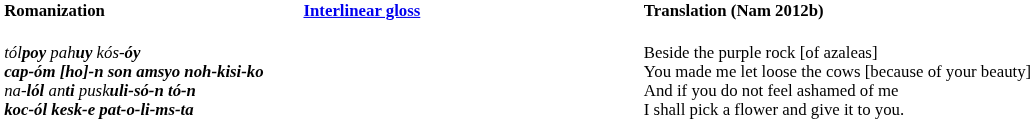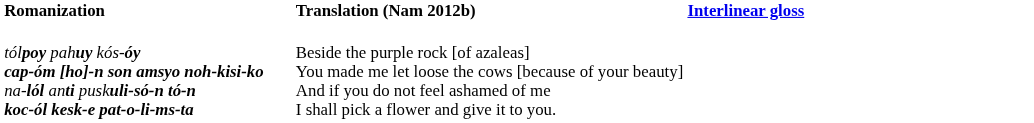 <table>
 <tr>
 <th style="text-align:left;" width="29%"><strong>Romanization</strong></th>
+<th style="text-align:left;" width="39%"><strong>Translation (Nam 2012b)</strong></th>
 <th style="text-align:left;" width="33%"><strong><a href='#'>Interlinear gloss</a></strong></th>
-<th style="text-align:left;" width="39%"><strong>Translation (Nam 2012b)</strong></th>
 </tr>
 <tr valign=top>
 <td><br><em>tól<strong>poy</strong> pah<strong>uy</strong> kós-<strong>óy<strong><em><br></em>cap-</strong>óm<strong> [ho]-</strong>n<strong> son amsyo noh-</strong>kisi-ko</em></strong><br><em>na-<strong>lól</strong> an<strong>ti</strong> pusk<strong>uli-só-n tó-n<strong><em><br></em>koc-</strong>ól<strong> ke</strong>sk-e<strong> pat-</strong>o-li-ms-ta</em></strong></td>
+<td><br>Beside the purple rock [of azaleas]<br>You made me let loose the cows [because of your beauty]<br>And if you do not feel ashamed of me<br>I shall pick a flower and give it to you.</td>
 <td><br><br><br><br></td>
-<td><br>Beside the purple rock [of azaleas]<br>You made me let loose the cows [because of your beauty]<br>And if you do not feel ashamed of me<br>I shall pick a flower and give it to you.</td>
 </tr>
 </table>
